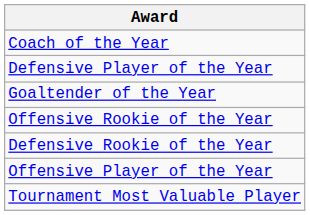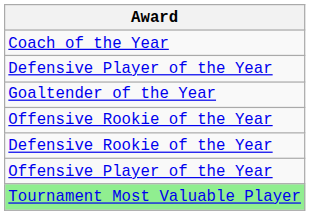 <table class="wikitable">
 <tr>
 <th>Award</th>
 </tr>
 <tr>
 <td><a href='#'>Coach of the Year</a></td>
 </tr>
 <tr>
 <td><a href='#'>Defensive Player of the Year</a></td>
 </tr>
 <tr>
 <td><a href='#'>Goaltender of the Year</a></td>
 </tr>
 <tr>
 <td><a href='#'>Offensive Rookie of the Year</a></td>
 </tr>
 <tr>
 <td><a href='#'>Defensive Rookie of the Year</a></td>
 </tr>
 <tr>
 <td><a href='#'>Offensive Player of the Year</a></td>
 </tr>
 <tr>
-<td><a href='#'>Tournament Most Valuable Player</a></td>
+<td style="background: lightgreen;"><a href='#'>Tournament Most Valuable Player</a></td>
 </tr>
 </table>
